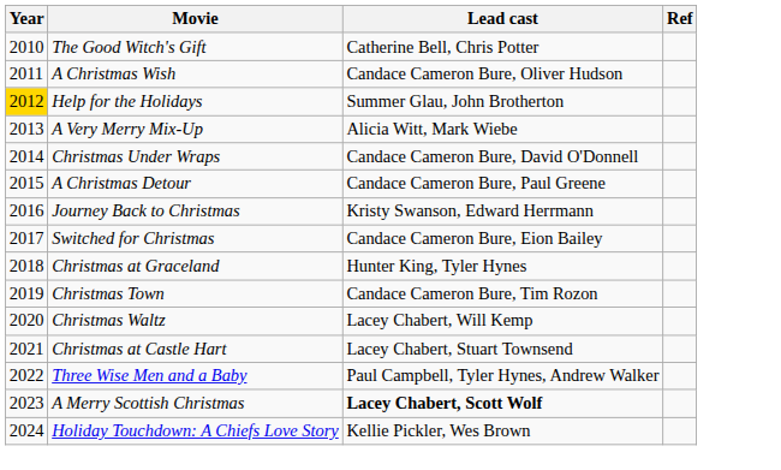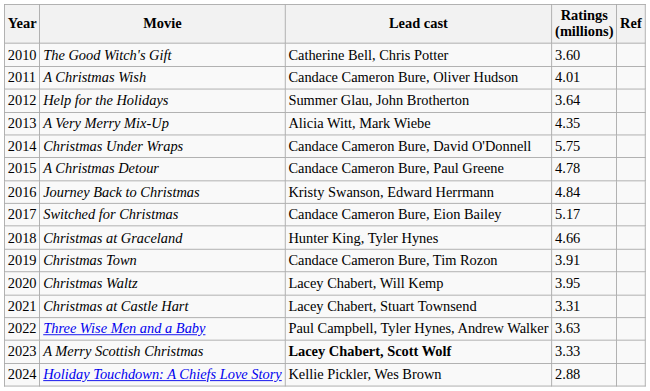 <table class="sortable wikitable" style="align:left;">
 <tr>
 <th scope="col">Year</th>
 <th scope="col">Movie</th>
 <th scope="col">Lead cast</th>
+<th scope="col">Ratings<br>(millions)</th>
 <th scope="col" class="unsortable">Ref</th>
 </tr>
 <tr>
 <td>2010</td>
 <td><em>The Good Witch's Gift</em></td>
 <td>Catherine Bell, Chris Potter</td>
+<td>3.60</td>
 <td></td>
 </tr>
 <tr>
 <td>2011</td>
 <td><em>A Christmas Wish</em></td>
 <td>Candace Cameron Bure, Oliver Hudson</td>
+<td>4.01</td>
 <td></td>
 </tr>
 <tr>
-<td style="background: gold;">2012</td>
+<td>2012</td>
 <td><em>Help for the Holidays</em></td>
 <td>Summer Glau, John Brotherton</td>
+<td>3.64</td>
 <td></td>
 </tr>
 <tr>
 <td>2013</td>
 <td><em>A Very Merry Mix-Up</em></td>
 <td>Alicia Witt, Mark Wiebe</td>
+<td>4.35</td>
 <td></td>
 </tr>
 <tr>
 <td>2014</td>
 <td><em>Christmas Under Wraps</em></td>
 <td>Candace Cameron Bure, David O'Donnell</td>
+<td>5.75</td>
 <td></td>
 </tr>
 <tr>
 <td>2015</td>
 <td><em>A Christmas Detour</em></td>
 <td>Candace Cameron Bure, Paul Greene</td>
+<td>4.78</td>
 <td></td>
 </tr>
 <tr>
 <td>2016</td>
 <td><em>Journey Back to Christmas</em></td>
 <td>Kristy Swanson, Edward Herrmann</td>
+<td>4.84</td>
 <td></td>
 </tr>
 <tr>
 <td>2017</td>
 <td><em>Switched for Christmas</em></td>
 <td>Candace Cameron Bure, Eion Bailey</td>
+<td>5.17</td>
 <td></td>
 </tr>
 <tr>
 <td>2018</td>
 <td><em>Christmas at Graceland</em></td>
 <td>Hunter King, Tyler Hynes</td>
+<td>4.66</td>
 <td></td>
 </tr>
 <tr>
 <td>2019</td>
 <td><em>Christmas Town</em></td>
 <td>Candace Cameron Bure, Tim Rozon</td>
+<td>3.91</td>
 <td></td>
 </tr>
 <tr>
 <td>2020</td>
 <td><em>Christmas Waltz</em></td>
 <td>Lacey Chabert, Will Kemp</td>
+<td>3.95</td>
 <td></td>
 </tr>
 <tr>
 <td>2021</td>
 <td><em>Christmas at Castle Hart</em></td>
 <td>Lacey Chabert, Stuart Townsend</td>
+<td>3.31</td>
 <td></td>
 </tr>
 <tr>
 <td>2022</td>
 <td><em><a href='#'>Three Wise Men and a Baby</a></em></td>
 <td>Paul Campbell, Tyler Hynes, Andrew Walker</td>
+<td>3.63</td>
 <td></td>
 </tr>
 <tr>
 <td>2023</td>
 <td><em>A Merry Scottish Christmas</em></td>
 <td><strong>Lacey Chabert, Scott Wolf</strong></td>
+<td>3.33</td>
 <td></td>
 </tr>
 <tr>
 <td>2024</td>
 <td><em><a href='#'>Holiday Touchdown: A Chiefs Love Story</a></em></td>
 <td>Kellie Pickler, Wes Brown</td>
+<td>2.88</td>
 <td></td>
 </tr>
 </table>
